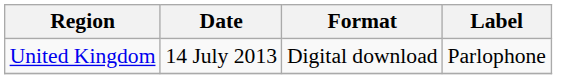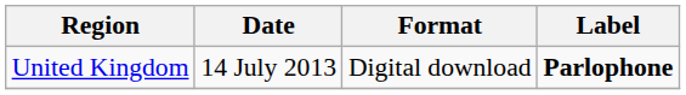 <table class=wikitable>
 <tr>
 <th>Region</th>
 <th>Date</th>
 <th>Format</th>
 <th>Label</th>
 </tr>
 <tr>
 <td><a href='#'>United Kingdom</a></td>
 <td>14 July 2013</td>
 <td>Digital download</td>
-<td>Parlophone</td>
+<td><strong>Parlophone</strong></td>
 </tr>
 <tr>
 </tr>
 </table>
